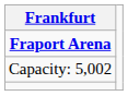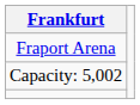 <table class="wikitable" style="text-align:center">
 <tr>
 <th><a href='#'>Frankfurt</a></th>
 <td rowspan=4></td>
 </tr>
 <tr>
-<td><strong><a href='#'>Fraport Arena</a></strong></td>
+<td><a href='#'>Fraport Arena</a></td>
 </tr>
 <tr>
 <td>Capacity: 5,002</td>
 </tr>
 <tr>
 <td></td>
 </tr>
 </table>
